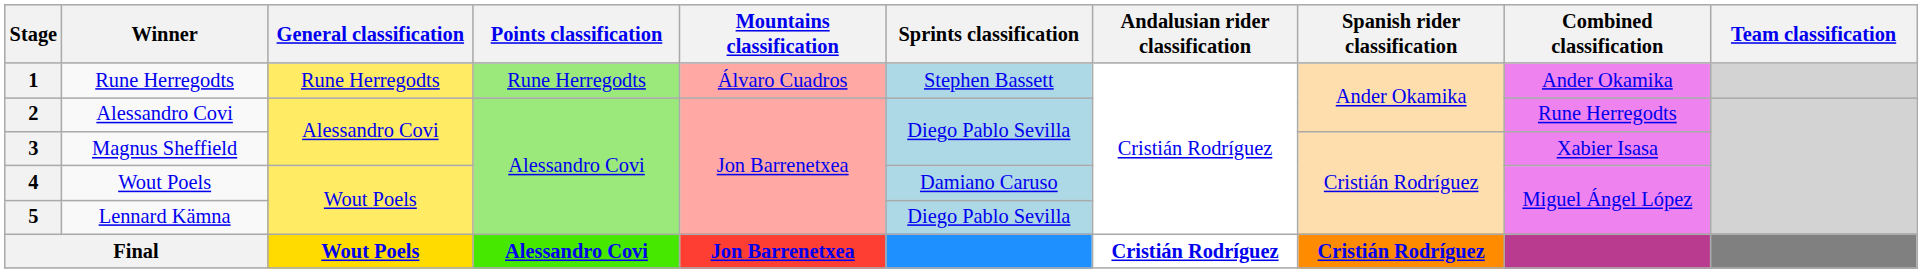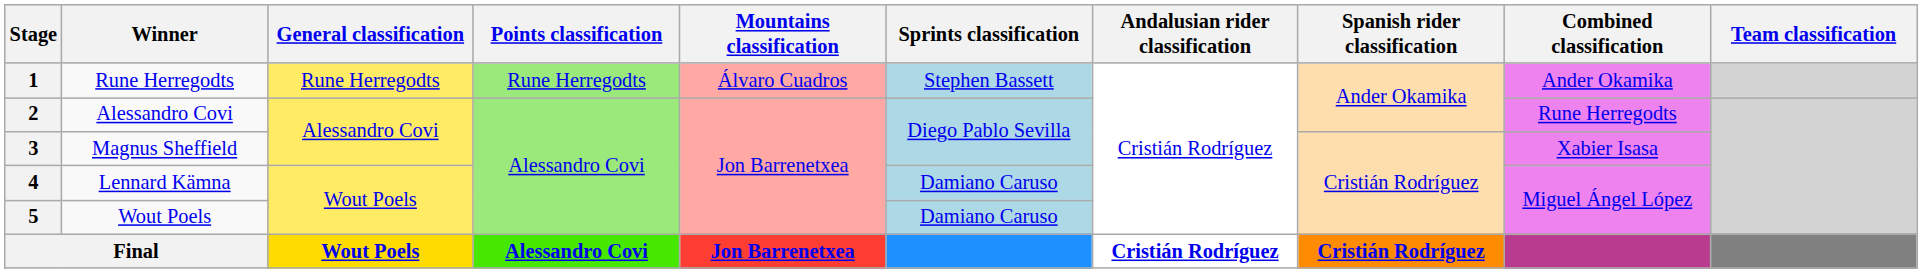 <table class="wikitable" style="text-align: center; font-size:smaller;">
 <tr style="background:#efefef;">
 <th width="1%">Stage</th>
 <th width="11%">Winner</th>
 <th width="11%"><a href='#'>General classification</a><br></th>
 <th width="11%"><a href='#'>Points classification</a><br></th>
 <th width="11%"><a href='#'>Mountains classification</a><br></th>
 <th width="11%">Sprints classification<br></th>
 <th width="11%">Andalusian rider classification<br></th>
 <th width="11%">Spanish rider classification</th>
 <th width="11%">Combined classification</th>
 <th width="11%"><a href='#'>Team classification</a></th>
 </tr>
 <tr>
 <th>1</th>
 <td><a href='#'>Rune Herregodts</a></td>
 <td style="background:#FFEB64;"><a href='#'>Rune Herregodts</a></td>
 <td style="background:#9CE97B;"><a href='#'>Rune Herregodts</a></td>
 <td style="background:#FFA8A4;"><a href='#'>Álvaro Cuadros</a></td>
 <td style="background:lightblue;"><a href='#'>Stephen Bassett</a></td>
 <td style="background:white;" rowspan="5"><a href='#'>Cristián Rodríguez</a></td>
 <td style="background:navajowhite;" rowspan="2"><a href='#'>Ander Okamika</a></td>
 <td style="background:violet;"><a href='#'>Ander Okamika</a></td>
 <td style="background:lightgrey;"></td>
 </tr>
 <tr>
 <th>2</th>
 <td><a href='#'>Alessandro Covi</a></td>
 <td style="background:#FFEB64;" rowspan="2"><a href='#'>Alessandro Covi</a></td>
 <td style="background:#9CE97B;" rowspan="4"><a href='#'>Alessandro Covi</a></td>
 <td style="background:#FFA8A4;" rowspan="4"><a href='#'>Jon Barrenetxea</a></td>
 <td style="background:lightblue;" rowspan="2"><a href='#'>Diego Pablo Sevilla</a></td>
 <td style="background:violet;"><a href='#'>Rune Herregodts</a></td>
 <td style="background:lightgrey;" rowspan="4"></td>
 </tr>
 <tr>
 <th>3</th>
 <td><a href='#'>Magnus Sheffield</a></td>
 <td style="background:navajowhite;" rowspan="3"><a href='#'>Cristián Rodríguez</a></td>
 <td style="background:violet;"><a href='#'>Xabier Isasa</a></td>
 </tr>
 <tr>
 <th>4</th>
-<td><a href='#'>Wout Poels</a></td>
+<td><a href='#'>Lennard Kämna</a></td>
 <td style="background:#FFEB64;" rowspan="2"><a href='#'>Wout Poels</a></td>
 <td style="background:lightblue;"><a href='#'>Damiano Caruso</a></td>
 <td style="background:violet;" rowspan="2"><a href='#'>Miguel Ángel López</a></td>
 </tr>
 <tr>
 <th>5</th>
-<td><a href='#'>Lennard Kämna</a></td>
-<td style="background:lightblue;"><a href='#'>Diego Pablo Sevilla</a></td>
+<td><a href='#'>Wout Poels</a></td>
+<td style="background:lightblue;"><a href='#'>Damiano Caruso</a></td>
 </tr>
 <tr>
 <th colspan="2">Final</th>
 <th style="background:#FFDB00;"><a href='#'>Wout Poels</a></th>
 <th style="background:#46E800;"><a href='#'>Alessandro Covi</a></th>
 <th style="background:#FF3E33;"><a href='#'>Jon Barrenetxea</a></th>
 <th style="background:dodgerblue;"></th>
 <th style="background:white;"><a href='#'>Cristián Rodríguez</a></th>
 <th style="background:#FF8C00;"><a href='#'>Cristián Rodríguez</a></th>
 <th style="background:#B93B8F;"></th>
 <th style="background:grey;"></th>
 </tr>
 </table>
